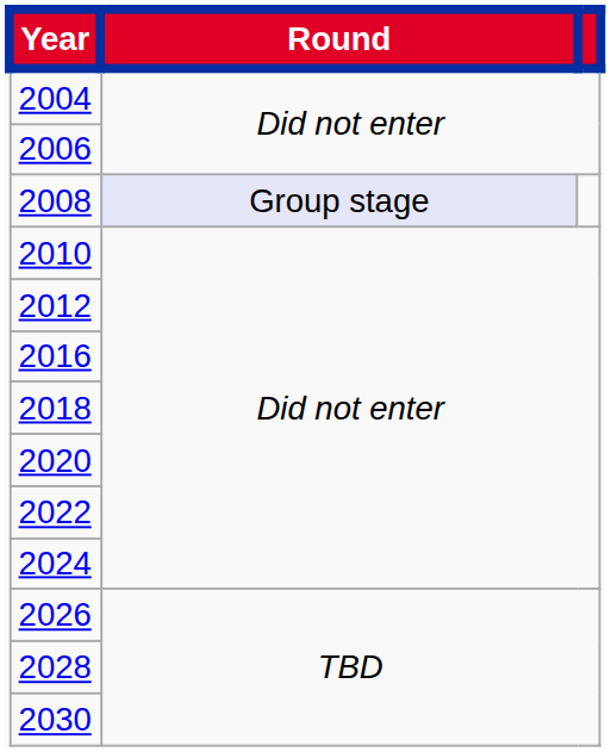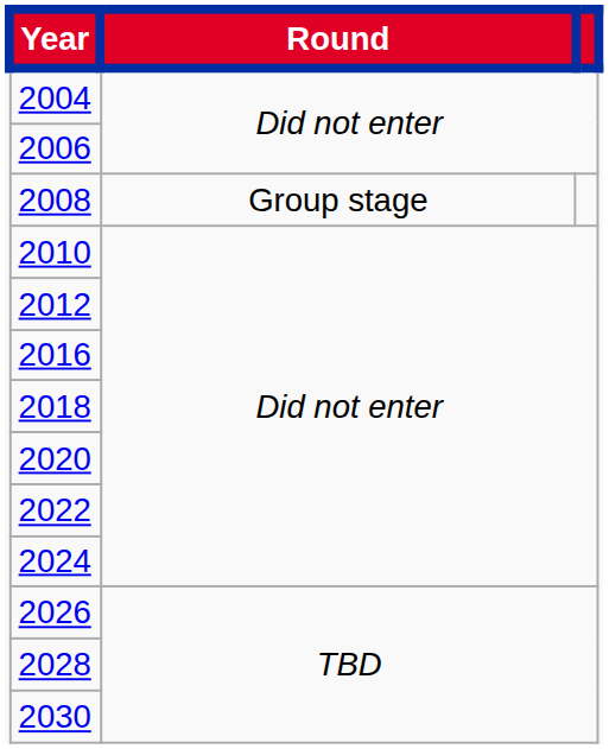 <table class="wikitable" style="text-align: center; font-size:90%">
 <tr style="color:white;">
 <th style="background:#e00025; border: 4px solid #032ea1;">Year</th>
 <th style="background:#e00025; border: 4px solid #032ea1; width:200px">Round</th>
 <th style="background:#e00025; border: 4px solid #032ea1;"></th>
 </tr>
 <tr>
 <td><a href='#'>2004</a></td>
 <td colspan="2" rowspan="2"><em>Did not enter</em></td>
 </tr>
 <tr>
 <td><a href='#'>2006</a></td>
 </tr>
 <tr>
 <td><a href='#'>2008</a></td>
-<td style="background: lavender;">Group stage</td>
+<td>Group stage</td>
 <td></td>
 </tr>
 <tr>
 <td><a href='#'>2010</a></td>
 <td colspan="2" rowspan="7"><em>Did not enter</em></td>
 </tr>
 <tr>
 <td><a href='#'>2012</a></td>
 </tr>
 <tr>
 <td><a href='#'>2016</a></td>
 </tr>
 <tr>
 <td><a href='#'>2018</a></td>
 </tr>
 <tr>
 <td><a href='#'>2020</a></td>
 </tr>
 <tr>
 <td><a href='#'>2022</a></td>
 </tr>
 <tr>
 <td><a href='#'>2024</a></td>
 </tr>
 <tr>
 <td><a href='#'>2026</a></td>
 <td colspan="2" rowspan="3"><em>TBD</em></td>
 </tr>
 <tr>
 <td><a href='#'>2028</a></td>
 </tr>
 <tr>
 <td><a href='#'>2030</a></td>
 </tr>
 </table>
